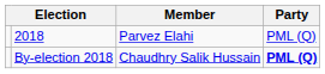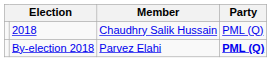 <table class="wikitable">
 <tr>
 <th colspan="2">Election</th>
 <th>Member</th>
 <th>Party</th>
 </tr>
 <tr>
 <td style="background-color: "></td>
 <td><a href='#'>2018</a></td>
-<td><a href='#'>Parvez Elahi</a></td>
+<td><a href='#'>Chaudhry Salik Hussain</a></td>
 <td><a href='#'>PML (Q)</a></td>
 </tr>
 <tr>
 <td style="background-color: "></td>
 <td><a href='#'>By-election 2018</a></td>
-<td><a href='#'>Chaudhry Salik Hussain</a></td>
+<td><a href='#'>Parvez Elahi</a></td>
 <td><strong><a href='#'>PML (Q)</a></strong></td>
 </tr>
 </table>
